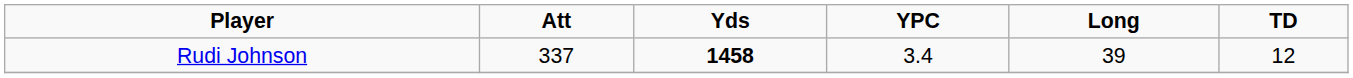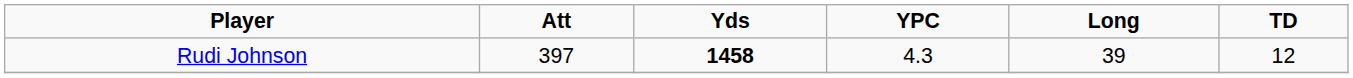 <table class="wikitable" width="80%">
 <tr align="center">
 <td><strong>Player</strong></td>
 <td><strong>Att</strong></td>
 <td><strong>Yds</strong></td>
 <td><strong>YPC</strong></td>
 <td><strong>Long</strong></td>
 <td><strong>TD</strong></td>
 </tr>
 <tr align="center" bgcolor="">
 <td><a href='#'>Rudi Johnson</a></td>
-<td>337</td>
+<td>397</td>
 <td><strong>1458</strong></td>
-<td>3.4</td>
+<td>4.3</td>
 <td>39</td>
 <td>12</td>
 </tr>
 <tr align="center" bgcolor="">
 </tr>
 </table>
